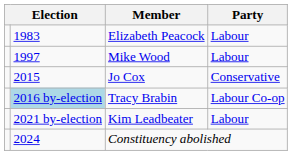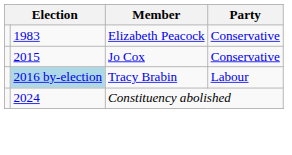 <table class="wikitable">
 <tr>
 <th colspan="2">Election</th>
 <th>Member</th>
 <th>Party</th>
 </tr>
 <tr>
 <td style="color:inherit;background-color: "></td>
 <td><a href='#'>1983</a></td>
 <td><a href='#'>Elizabeth Peacock</a></td>
-<td><a href='#'>Labour</a></td>
-</tr>
-<tr>
-<td style="color:inherit;background-color: "></td>
-<td><a href='#'>1997</a></td>
-<td><a href='#'>Mike Wood</a></td>
-<td><a href='#'>Labour</a></td>
+<td><a href='#'>Conservative</a></td>
 </tr>
 <tr>
 <td style="color:inherit;background-color: "></td>
 <td><a href='#'>2015</a></td>
 <td><a href='#'>Jo Cox</a></td>
 <td><a href='#'>Conservative</a></td>
 </tr>
 <tr>
 <td style="color:inherit;background-color: "></td>
 <td style="background: lightblue;"><a href='#'>2016 by-election</a></td>
 <td><a href='#'>Tracy Brabin</a></td>
-<td><a href='#'>Labour Co-op</a></td>
-</tr>
-<tr>
-<td style="color:inherit;background-color: "></td>
-<td><a href='#'>2021 by-election</a></td>
-<td><a href='#'>Kim Leadbeater</a></td>
 <td><a href='#'>Labour</a></td>
 </tr>
 <tr>
 <td></td>
 <td><a href='#'>2024</a></td>
 <td colspan="2"><em>Constituency abolished</em></td>
 </tr>
 </table>
